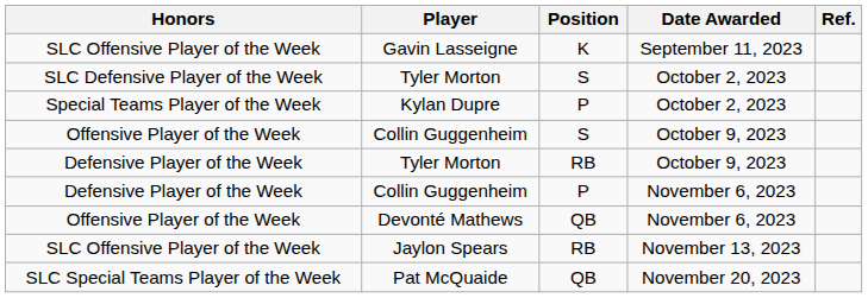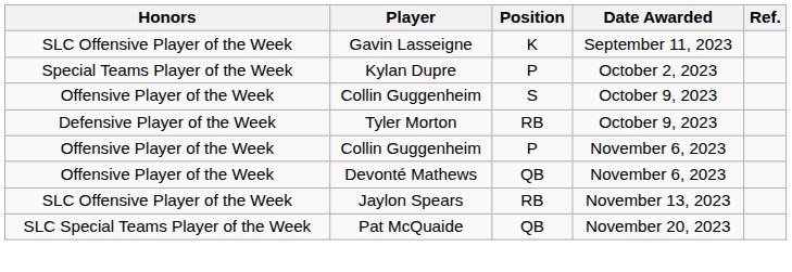 <table class="wikitable" style="width: 60%;text-align: center;">
 <tr>
 <th>Honors</th>
 <th>Player</th>
 <th>Position</th>
 <th>Date Awarded</th>
 <th>Ref.</th>
 </tr>
 <tr align="center">
 <td rowspan="1">SLC Offensive Player of the Week</td>
 <td>Gavin Lasseigne</td>
 <td>K</td>
 <td>September 11, 2023</td>
-<td></td>
-</tr>
-<tr align="center">
-<td rowspan="1">SLC Defensive Player of the Week</td>
-<td>Tyler Morton</td>
-<td>S</td>
-<td>October 2, 2023</td>
 <td></td>
 </tr>
 <tr align="center">
 <td rowspan="1">Special Teams Player of the Week</td>
 <td>Kylan Dupre</td>
 <td>P</td>
 <td>October 2, 2023</td>
 <td></td>
 </tr>
 <tr align="center">
 <td rowspan="1">Offensive Player of the Week</td>
 <td>Collin Guggenheim</td>
 <td>S</td>
 <td>October 9, 2023</td>
 <td></td>
 </tr>
 <tr align="center">
 <td rowspan="1">Defensive Player of the Week</td>
 <td>Tyler Morton</td>
 <td>RB</td>
 <td>October 9, 2023</td>
 <td></td>
 </tr>
 <tr align="center">
-<td rowspan="1">Defensive Player of the Week</td>
+<td rowspan="1">Offensive Player of the Week</td>
 <td>Collin Guggenheim</td>
 <td>P</td>
 <td>November 6, 2023</td>
 <td></td>
 </tr>
 <tr align="center">
 <td rowspan="1">Offensive Player of the Week</td>
 <td>Devonté Mathews</td>
 <td>QB</td>
 <td>November 6, 2023</td>
 <td></td>
 </tr>
 <tr align="center">
 <td rowspan="1">SLC Offensive Player of the Week</td>
 <td>Jaylon Spears</td>
 <td>RB</td>
 <td>November 13, 2023</td>
 <td></td>
 </tr>
 <tr align="center">
 <td rowspan="1">SLC Special Teams Player of the Week</td>
 <td>Pat McQuaide</td>
 <td>QB</td>
 <td>November 20, 2023</td>
 <td></td>
 </tr>
 </table>
